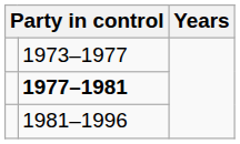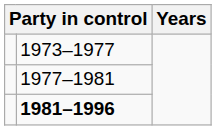 <table class="wikitable">
 <tr>
 <th colspan=2>Party in control</th>
 <th>Years</th>
 </tr>
 <tr>
 <td></td>
 <td>1973–1977</td>
 </tr>
 <tr>
 <td></td>
-<td><strong>1977–1981</strong></td>
+<td>1977–1981</td>
 </tr>
 <tr>
 <td></td>
-<td>1981–1996</td>
+<td><strong>1981–1996</strong></td>
 </tr>
 </table>
